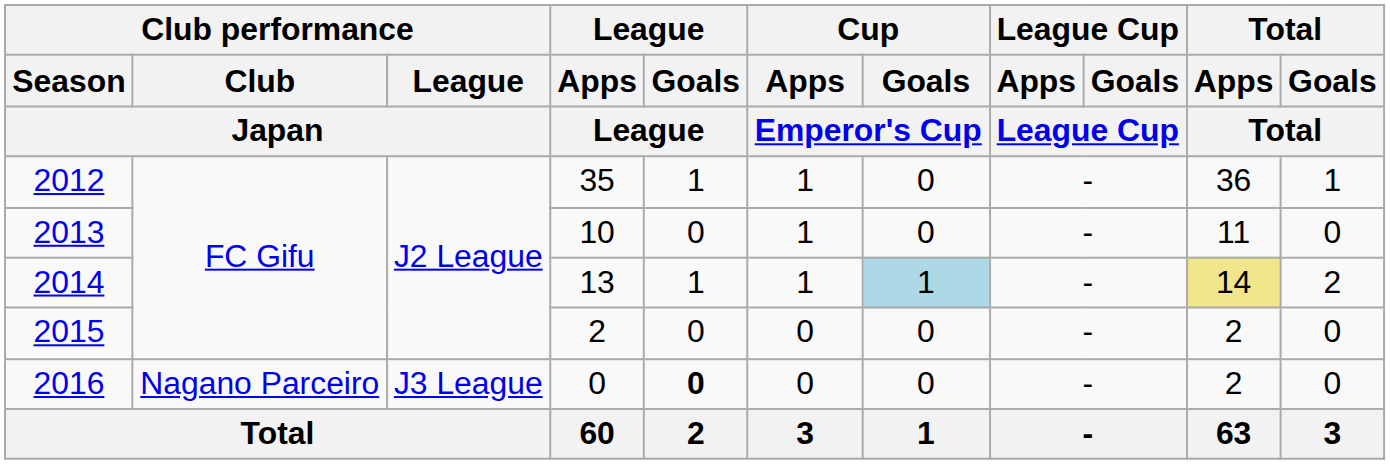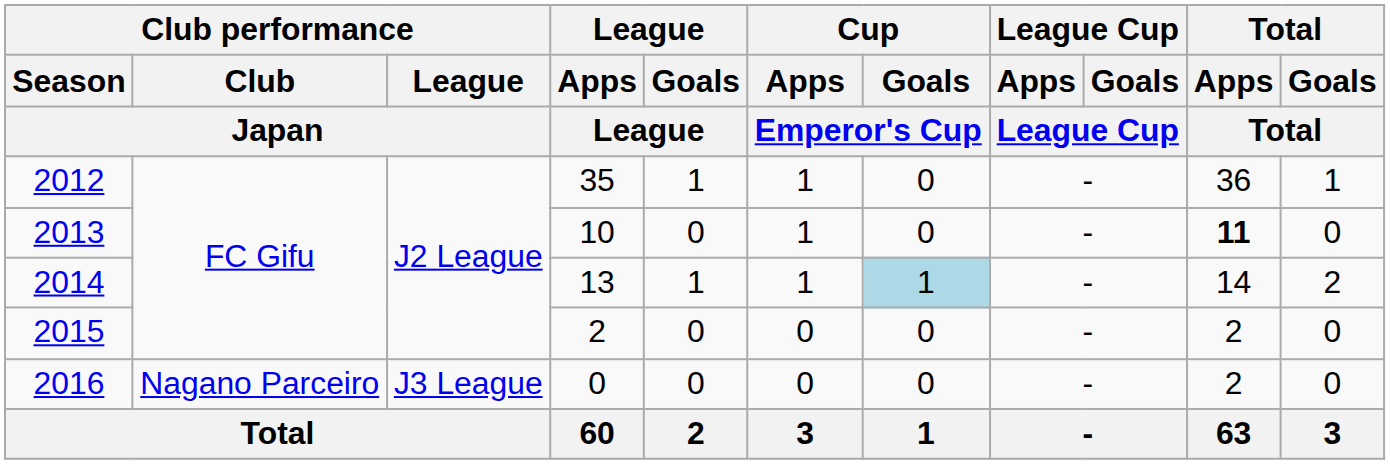 <table class="wikitable" style="text-align:center;">
 <tr>
 <th colspan=3>Club performance</th>
 <th colspan=2>League</th>
 <th colspan=2>Cup</th>
 <th colspan=2>League Cup</th>
 <th colspan=2>Total</th>
 </tr>
 <tr>
 <th>Season</th>
 <th>Club</th>
 <th>League</th>
 <th>Apps</th>
 <th>Goals</th>
 <th>Apps</th>
 <th>Goals</th>
 <th>Apps</th>
 <th>Goals</th>
 <th>Apps</th>
 <th>Goals</th>
 </tr>
 <tr>
 <th colspan=3>Japan</th>
 <th colspan=2>League</th>
 <th colspan=2><a href='#'>Emperor's Cup</a></th>
 <th colspan=2><a href='#'>League Cup</a></th>
 <th colspan=2>Total</th>
 </tr>
 <tr>
 <td><a href='#'>2012</a></td>
 <td rowspan=4><a href='#'>FC Gifu</a></td>
 <td rowspan=4><a href='#'>J2 League</a></td>
 <td>35</td>
 <td>1</td>
 <td>1</td>
 <td>0</td>
 <td colspan=2>-</td>
 <td>36</td>
 <td>1</td>
 </tr>
 <tr>
 <td><a href='#'>2013</a></td>
 <td>10</td>
 <td>0</td>
 <td>1</td>
 <td>0</td>
 <td colspan=2>-</td>
-<td>11</td>
+<td><strong>11</strong></td>
 <td>0</td>
 </tr>
 <tr>
 <td><a href='#'>2014</a></td>
 <td>13</td>
 <td>1</td>
 <td>1</td>
 <td style="background: lightblue;">1</td>
 <td colspan=2>-</td>
-<td style="background: khaki;">14</td>
+<td>14</td>
 <td>2</td>
 </tr>
 <tr>
 <td><a href='#'>2015</a></td>
 <td>2</td>
 <td>0</td>
 <td>0</td>
 <td>0</td>
 <td colspan=2>-</td>
 <td>2</td>
 <td>0</td>
 </tr>
 <tr>
 <td><a href='#'>2016</a></td>
 <td rowspan="1"><a href='#'>Nagano Parceiro</a></td>
 <td rowspan="1"><a href='#'>J3 League</a></td>
 <td>0</td>
-<td><strong>0</strong></td>
+<td>0</td>
 <td>0</td>
 <td>0</td>
 <td colspan=2>-</td>
 <td>2</td>
 <td>0</td>
 </tr>
 <tr>
 <th colspan=3>Total</th>
 <th>60</th>
 <th>2</th>
 <th>3</th>
 <th>1</th>
 <th colspan=2>-</th>
 <th>63</th>
 <th>3</th>
 </tr>
 </table>
